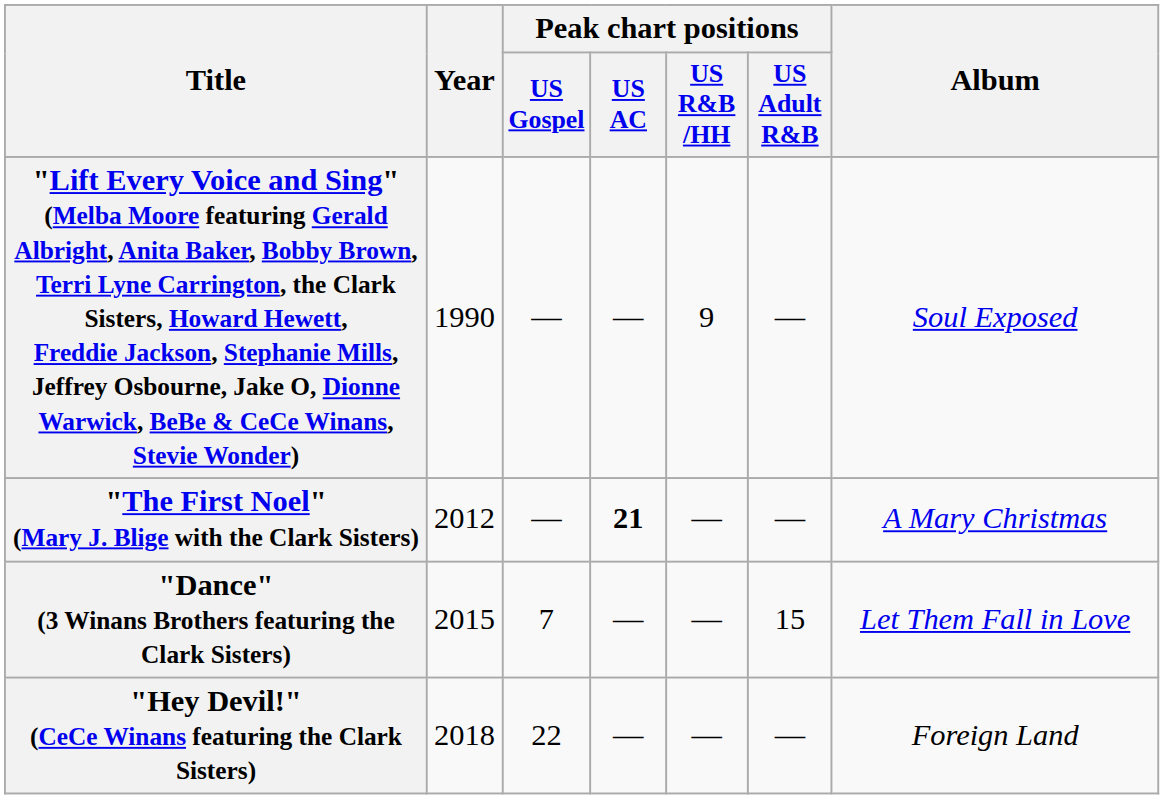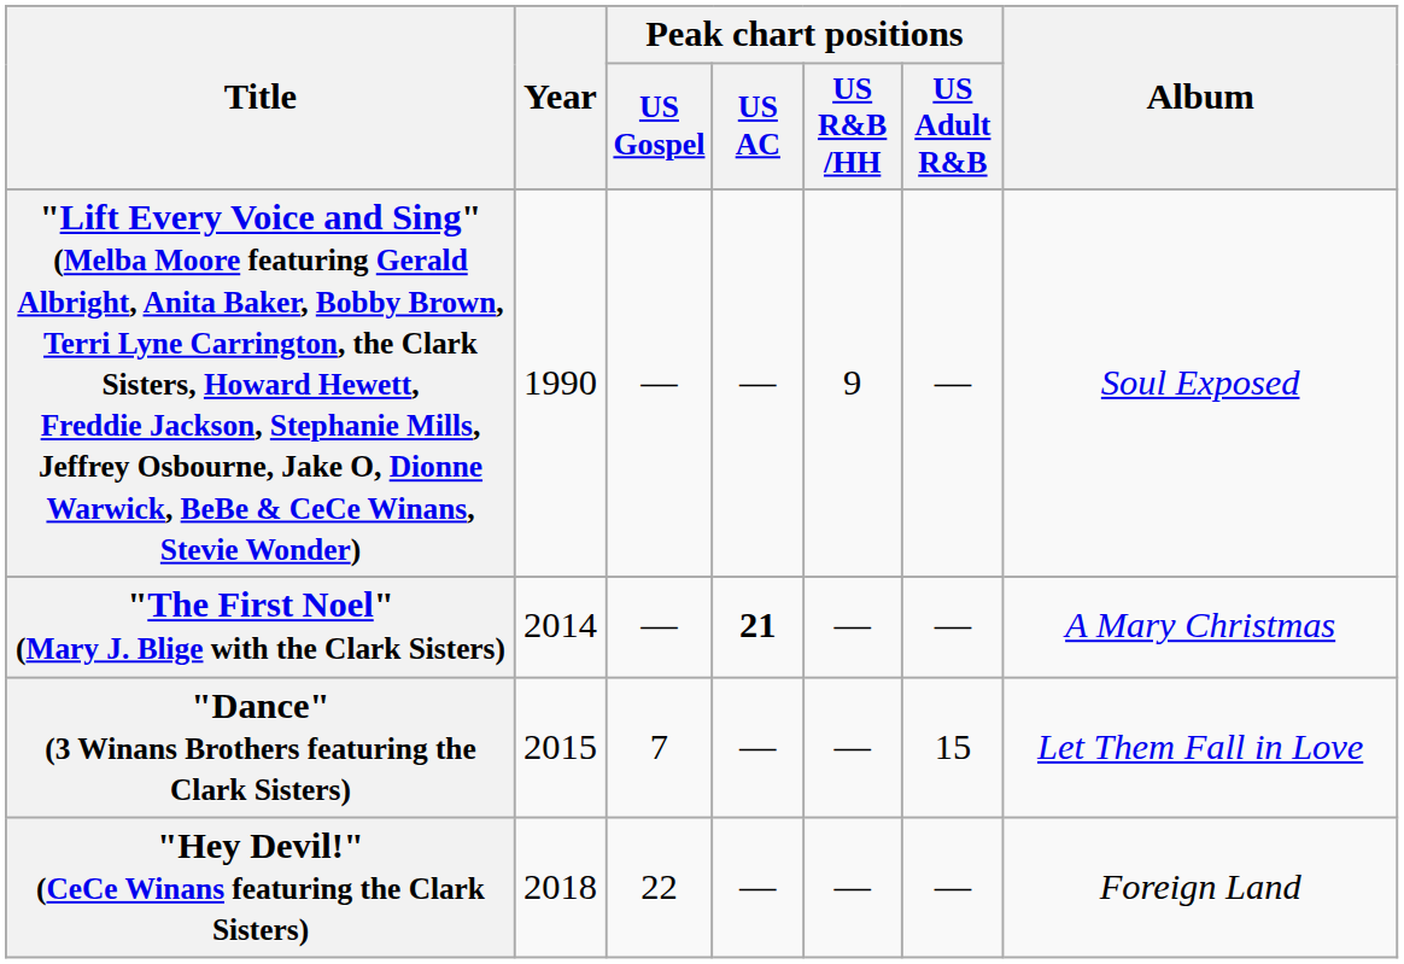 <table class="wikitable plainrowheaders" style="text-align:center;" border="1">
 <tr>
 <th scope="col" rowspan="2" style="width:19em;">Title</th>
 <th scope="col" rowspan="2" style="width:2em;">Year</th>
 <th scope="col" colspan="4">Peak chart positions</th>
 <th scope="col" rowspan="2" style="width:14em;">Album</th>
 </tr>
 <tr>
 <th scope="col" style="width:3em;font-size:85%;"><a href='#'>US<br>Gospel</a><br></th>
 <th scope="col" style="width:3em;font-size:85%;"><a href='#'>US<br>AC</a><br></th>
 <th scope="col" style="width:3em;font-size:85%;"><a href='#'>US<br>R&B<br>/HH</a><br></th>
 <th scope="col" style="width:3em;font-size:85%;"><a href='#'>US<br>Adult<br>R&B</a><br></th>
 </tr>
 <tr>
 <th scope="row">"<a href='#'>Lift Every Voice and Sing</a>"<br><small>(<a href='#'>Melba Moore</a> featuring <a href='#'>Gerald Albright</a>, <a href='#'>Anita Baker</a>, <a href='#'>Bobby Brown</a>, <br><a href='#'>Terri Lyne Carrington</a>, the Clark Sisters, <a href='#'>Howard Hewett</a>,<br> <a href='#'>Freddie Jackson</a>, <a href='#'>Stephanie Mills</a>, Jeffrey Osbourne, Jake O, <a href='#'>Dionne Warwick</a>, <a href='#'>BeBe & CeCe Winans</a>, <a href='#'>Stevie Wonder</a>)</small></th>
 <td rowspan="1">1990</td>
 <td>—</td>
 <td>—</td>
 <td>9</td>
 <td>—</td>
 <td rowspan="1"><em><a href='#'>Soul Exposed</a></em></td>
 </tr>
 <tr>
 <th scope="row">"<a href='#'>The First Noel</a>"<br><small>(<a href='#'>Mary J. Blige</a> with the Clark Sisters)</small></th>
-<td rowspan="1">2012</td>
+<td rowspan="1">2014</td>
 <td>—</td>
 <td><strong>21</strong></td>
 <td>—</td>
 <td>—</td>
 <td><em><a href='#'>A Mary Christmas</a></em></td>
 </tr>
 <tr>
 <th scope="row">"Dance"<br><small>(3 Winans Brothers featuring the Clark Sisters)</small></th>
 <td rowspan="1">2015</td>
 <td>7<br></td>
 <td>—</td>
 <td>—</td>
 <td>15<br></td>
 <td><em><a href='#'>Let Them Fall in Love</a></em></td>
 </tr>
 <tr>
 <th scope="row">"Hey Devil!"<br><small>(<a href='#'>CeCe Winans</a> featuring the Clark Sisters)</small></th>
 <td rowspan="1">2018</td>
 <td>22</td>
 <td>—</td>
 <td>—</td>
 <td>—</td>
 <td><em>Foreign Land</em></td>
 </tr>
 </table>
